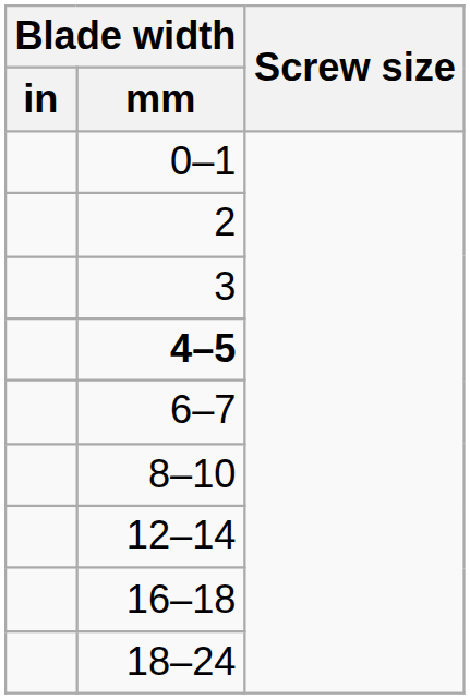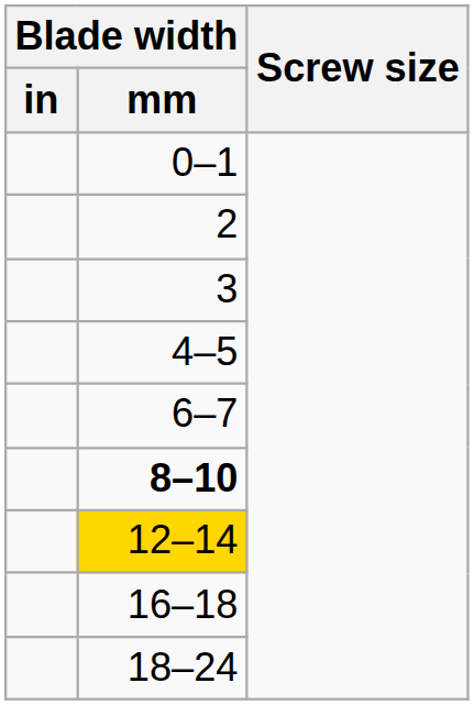 <table class="wikitable floatright" style="text-align:right">
 <tr>
 <th colspan="2">Blade width</th>
 <th rowspan="2">Screw size</th>
 </tr>
 <tr>
 <th>in</th>
 <th>mm</th>
 </tr>
 <tr>
 <td></td>
 <td>0–1</td>
 </tr>
 <tr>
 <td></td>
 <td>2</td>
 </tr>
 <tr>
 <td></td>
 <td>3</td>
 </tr>
 <tr>
 <td></td>
-<td><strong>4–5</strong></td>
+<td>4–5</td>
 </tr>
 <tr>
 <td></td>
 <td>6–7</td>
 </tr>
 <tr>
 <td></td>
-<td>8–10</td>
+<td><strong>8–10</strong></td>
 </tr>
 <tr>
 <td></td>
-<td>12–14</td>
+<td style="background: gold;">12–14</td>
 </tr>
 <tr>
 <td></td>
 <td>16–18</td>
 </tr>
 <tr>
 <td></td>
 <td>18–24</td>
 </tr>
 </table>
